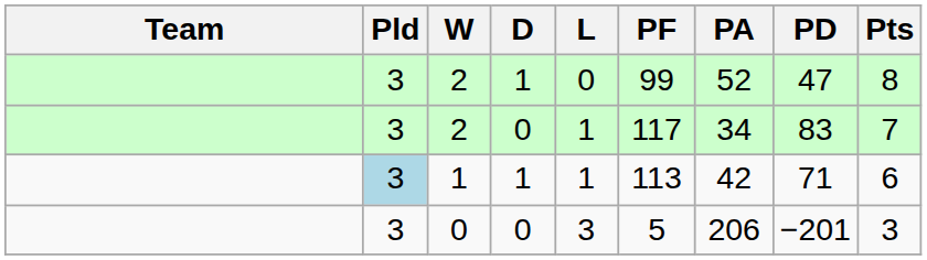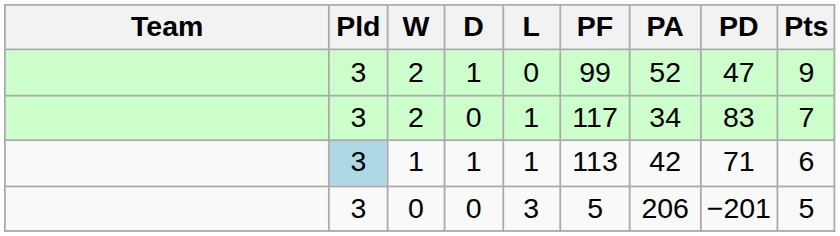 <table class="wikitable" style="text-align:center;">
 <tr>
 <th width=175>Team</th>
 <th width=25 abbr="Played">Pld</th>
 <th width=25 abbr="Won">W</th>
 <th width=25 abbr="Drawn">D</th>
 <th width=25 abbr="Lost">L</th>
 <th width=32 abbr="Points for">PF</th>
 <th width=32 abbr="Points against">PA</th>
 <th width=32 abbr="Points difference">PD</th>
 <th width=25 abbr="Points">Pts</th>
 </tr>
 <tr bgcolor="#ccffcc">
 <td align=left></td>
 <td>3</td>
 <td>2</td>
 <td>1</td>
 <td>0</td>
 <td>99</td>
 <td>52</td>
 <td>47</td>
-<td>8</td>
+<td>9</td>
 </tr>
 <tr bgcolor="#ccffcc">
 <td align=left></td>
 <td>3</td>
 <td>2</td>
 <td>0</td>
 <td>1</td>
 <td>117</td>
 <td>34</td>
 <td>83</td>
 <td>7</td>
 </tr>
 <tr>
 <td align=left></td>
 <td style="background: lightblue;">3</td>
 <td>1</td>
 <td>1</td>
 <td>1</td>
 <td>113</td>
 <td>42</td>
 <td>71</td>
 <td>6</td>
 </tr>
 <tr>
 <td align=left></td>
 <td>3</td>
 <td>0</td>
 <td>0</td>
 <td>3</td>
 <td>5</td>
 <td>206</td>
 <td>−201</td>
-<td>3</td>
+<td>5</td>
 </tr>
 </table>
